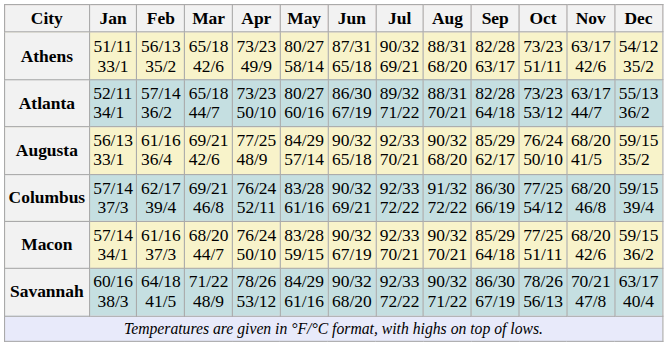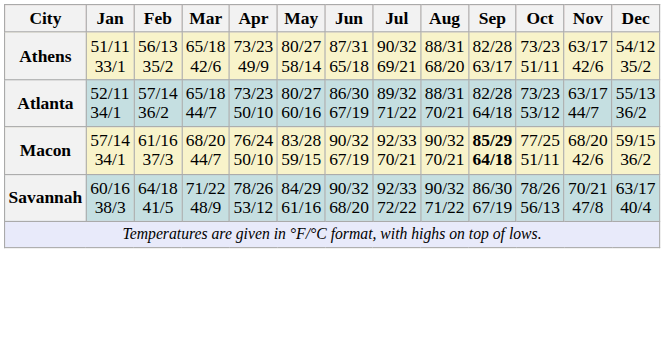 <table class="wikitable" "text-align:center;font-size:90%;"|>
 <tr style="background: #E5AFAA;text-align:center;">
 <th>City</th>
 <th>Jan</th>
 <th>Feb</th>
 <th>Mar</th>
 <th>Apr</th>
 <th>May</th>
 <th>Jun</th>
 <th>Jul</th>
 <th>Aug</th>
 <th>Sep</th>
 <th>Oct</th>
 <th>Nov</th>
 <th>Dec</th>
 </tr>
 <tr style="background: #F8F3CA;text-align:center;">
 <th>Athens</th>
 <td>51/11<br>33/1</td>
 <td>56/13<br>35/2</td>
 <td>65/18<br>42/6</td>
 <td>73/23<br>49/9</td>
 <td>80/27<br>58/14</td>
 <td>87/31<br>65/18</td>
 <td>90/32<br>69/21</td>
 <td>88/31<br>68/20</td>
 <td>82/28<br>63/17</td>
 <td>73/23<br>51/11</td>
 <td>63/17<br>42/6</td>
 <td>54/12<br>35/2</td>
 </tr>
 <tr style="background: #C5DFE1;text-align:left;">
 <th>Atlanta</th>
 <td>52/11<br>34/1</td>
 <td>57/14<br>36/2</td>
 <td>65/18<br>44/7</td>
 <td>73/23<br>50/10</td>
 <td>80/27<br>60/16</td>
 <td>86/30<br>67/19</td>
 <td>89/32<br>71/22</td>
 <td>88/31<br>70/21</td>
 <td>82/28<br>64/18</td>
 <td>73/23<br>53/12</td>
 <td>63/17<br>44/7</td>
 <td>55/13<br>36/2</td>
 </tr>
-<tr style="background: #F8F3CA;text-slide:center;">
-<th>Augusta</th>
-<td>56/13<br>33/1</td>
-<td>61/16<br>36/4</td>
-<td>69/21<br>42/6</td>
-<td>77/25<br>48/9</td>
-<td>84/29<br>57/14</td>
-<td>90/32<br>65/18</td>
-<td>92/33<br>70/21</td>
-<td>90/32<br>68/20</td>
-<td>85/29<br>62/17</td>
-<td>76/24<br>50/10</td>
-<td>68/20<br>41/5</td>
-<td>59/15<br>35/2</td>
-</tr>
-<tr style="background: #C5DFE1;text-align:center;">
-<th>Columbus</th>
-<td>57/14<br>37/3</td>
-<td>62/17<br>39/4</td>
-<td>69/21<br>46/8</td>
-<td>76/24<br>52/11</td>
-<td>83/28<br>61/16</td>
-<td>90/32<br>69/21</td>
-<td>92/33<br>72/22</td>
-<td>91/32<br>72/22</td>
-<td>86/30<br>66/19</td>
-<td>77/25<br>54/12</td>
-<td>68/20<br>46/8</td>
-<td>59/15<br>39/4</td>
-</tr>
 <tr style="background: #F8F3CA;text-align:center;">
 <th>Macon</th>
 <td>57/14<br>34/1</td>
 <td>61/16<br>37/3</td>
 <td>68/20<br>44/7</td>
 <td>76/24<br>50/10</td>
 <td>83/28<br>59/15</td>
 <td>90/32<br>67/19</td>
 <td>92/33<br>70/21</td>
 <td>90/32<br>70/21</td>
-<td>85/29<br>64/18</td>
+<td><strong>85/29<br>64/18</strong></td>
 <td>77/25<br>51/11</td>
 <td>68/20<br>42/6</td>
 <td>59/15<br>36/2</td>
 </tr>
 <tr style="background: #C5DFE1;text-align:center;">
 <th>Savannah</th>
 <td>60/16<br>38/3</td>
 <td>64/18<br>41/5</td>
 <td>71/22<br>48/9</td>
 <td>78/26<br>53/12</td>
 <td>84/29<br>61/16</td>
 <td>90/32<br>68/20</td>
 <td>92/33<br>72/22</td>
 <td>90/32<br>71/22</td>
 <td>86/30<br>67/19</td>
 <td>78/26<br>56/13</td>
 <td>70/21<br>47/8</td>
 <td>63/17<br>40/4</td>
 </tr>
 <tr>
 <td colspan="13" style="text-align:center;font-size:90%;background:#E8EAFA;"><em>Temperatures are given in °F/°C format, with highs on top of lows.</em></td>
 </tr>
 </table>
